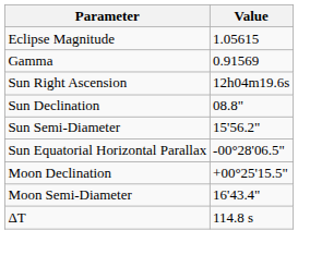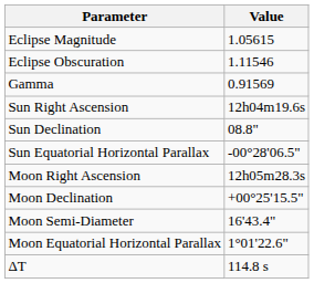 <table class="wikitable">
 <tr>
 <th>Parameter</th>
 <th>Value</th>
 </tr>
 <tr>
 <td>Eclipse Magnitude</td>
 <td>1.05615</td>
+</tr>
+<tr>
+<td>Eclipse Obscuration</td>
+<td>1.11546</td>
 </tr>
 <tr>
 <td>Gamma</td>
 <td>0.91569</td>
 </tr>
 <tr>
 <td>Sun Right Ascension</td>
 <td>12h04m19.6s</td>
 </tr>
 <tr>
 <td>Sun Declination</td>
 <td>08.8"</td>
 </tr>
 <tr>
-<td>Sun Semi-Diameter</td>
-<td>15'56.2"</td>
+<td>Sun Equatorial Horizontal Parallax</td>
+<td>-00°28'06.5"</td>
 </tr>
 <tr>
-<td>Sun Equatorial Horizontal Parallax</td>
-<td>-00°28'06.5"</td>
+<td>Moon Right Ascension</td>
+<td>12h05m28.3s</td>
 </tr>
 <tr>
 <td>Moon Declination</td>
 <td>+00°25'15.5"</td>
 </tr>
 <tr>
 <td>Moon Semi-Diameter</td>
 <td>16'43.4"</td>
 </tr>
 <tr>
+<td>Moon Equatorial Horizontal Parallax</td>
+<td>1°01'22.6"</td>
+</tr>
+<tr>
 <td>ΔT</td>
 <td>114.8 s</td>
 </tr>
 </table>
